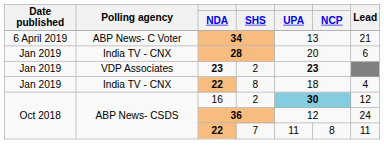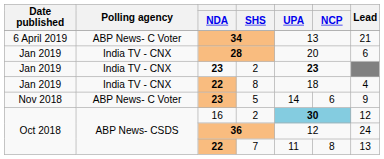 <table class="wikitable sortable" style="text-align:center;font-size:95%;line-height:16px">
 <tr>
 <th rowspan="2" width="100px">Date published</th>
 <th rowspan="2" width="175px">Polling agency</th>
 <th style="background:"></th>
 <th style="background:"></th>
 <th style="background:"></th>
 <th style="background:"></th>
 <th rowspan="2">Lead</th>
 </tr>
 <tr>
 <th class="unsortable" width="50px"><a href='#'>NDA</a></th>
 <th class="unsortable" width="50px"><a href='#'>SHS</a></th>
 <th class="unsortable" width="50px"><a href='#'>UPA</a></th>
 <th class="unsortable" width="50px"><a href='#'>NCP</a></th>
 </tr>
 <tr>
 </tr>
 <tr>
 <td>6 April 2019</td>
 <td>ABP News- C Voter</td>
 <td colspan="2" style="background:#F9BC7F"><strong>34</strong></td>
 <td colspan="2">13</td>
 <td style="background:"><span>21</span></td>
 </tr>
 <tr>
 <td>Jan 2019</td>
 <td>India TV - CNX</td>
 <td colspan="2" style="background:#F9BC7F"><strong>28</strong></td>
 <td colspan="2">20</td>
 <td style="background:"><span>6</span></td>
 </tr>
 <tr>
 <td>Jan 2019</td>
-<td>VDP Associates</td>
+<td>India TV - CNX</td>
 <td><strong>23</strong></td>
 <td>2</td>
 <td colspan="2"><strong>23</strong></td>
 <td style="background:grey"><span></span></td>
 </tr>
 <tr>
 <td>Jan 2019</td>
 <td>India TV - CNX</td>
 <td style="background:#F9BC7F"><strong>22</strong></td>
 <td>8</td>
 <td colspan="2">18</td>
 <td style="background:"><span>4</span></td>
+</tr>
+<tr>
+<td>Nov 2018</td>
+<td>ABP News- C Voter</td>
+<td style="background:#F9BC7F"><strong>23</strong></td>
+<td>5</td>
+<td>14</td>
+<td>6</td>
+<td style="background:"><span>9</span></td>
 </tr>
 <tr>
 <td rowspan="3">Oct 2018</td>
 <td rowspan="3">ABP News- CSDS</td>
 <td>16</td>
 <td>2</td>
 <td colspan="2" style="background:#84CCE0"><strong>30</strong></td>
 <td style="background:"><span>12</span></td>
 </tr>
 <tr>
 <td colspan="2" style="background:#F9BC7F"><strong>36</strong></td>
 <td colspan="2">12</td>
 <td style="background:"><span>24</span></td>
 </tr>
 <tr>
 <td style="background:#F9BC7F"><strong>22</strong></td>
 <td>7</td>
 <td>11</td>
 <td>8</td>
-<td style="background:"><span>11</span></td>
+<td style="background:"><span>13</span></td>
 </tr>
 </table>
